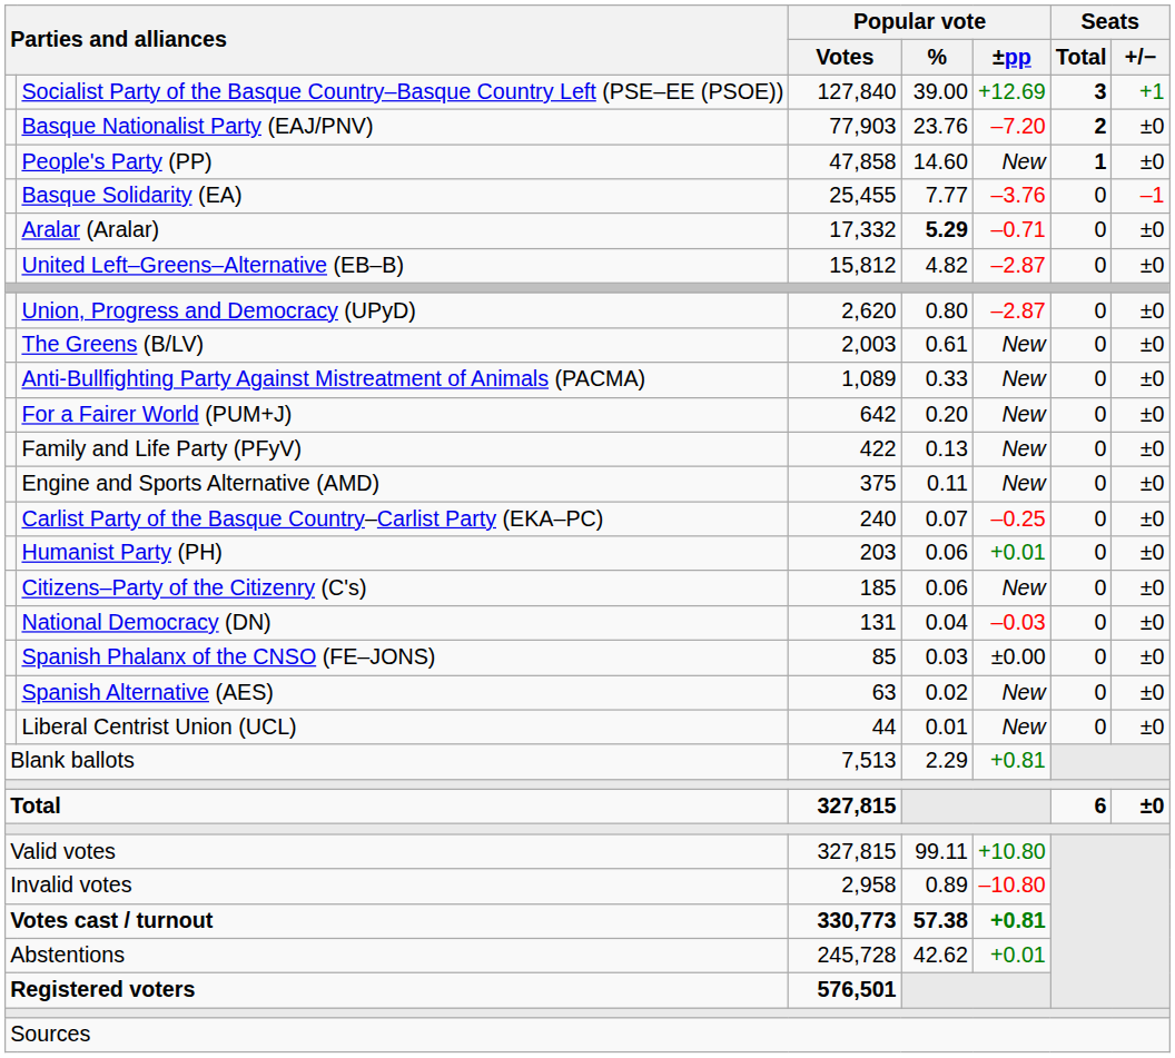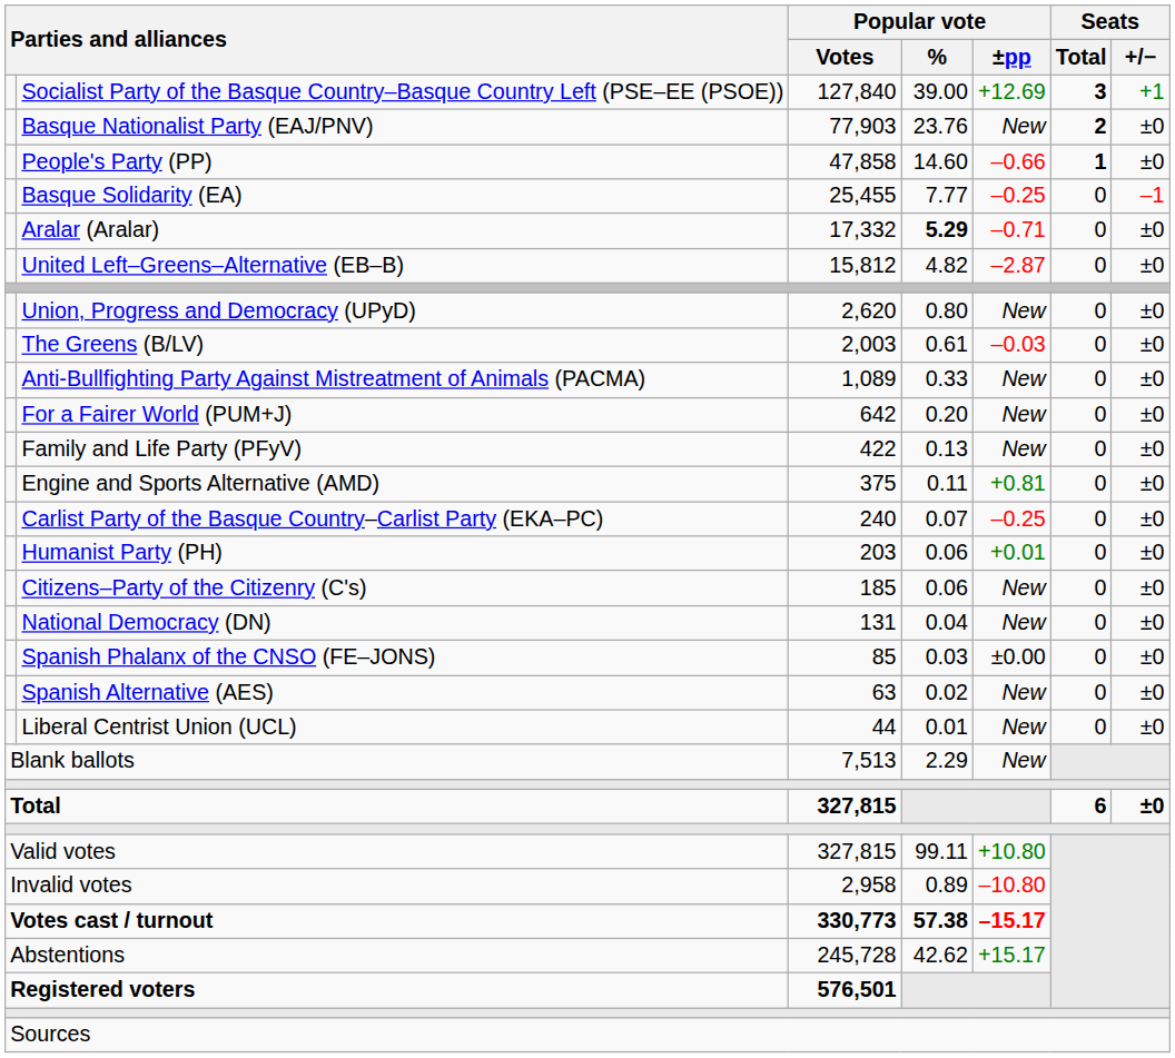 <table class="wikitable" style="text-align:right;">
 <tr>
 <th style="text-align:left;" rowspan="2" colspan="2" width="525">Parties and alliances</th>
 <th colspan="3">Popular vote</th>
 <th colspan="2">Seats</th>
 </tr>
 <tr>
 <th width="75">Votes</th>
 <th width="45">%</th>
 <th width="45">±<a href='#'>pp</a></th>
 <th width="35">Total</th>
 <th width="35">+/−</th>
 </tr>
 <tr>
 <td width="1" style="color:inherit;background:"></td>
 <td align="left"><a href='#'>Socialist Party of the Basque Country–Basque Country Left</a> (PSE–EE (PSOE))</td>
 <td>127,840</td>
 <td>39.00</td>
 <td style="color:green;">+12.69</td>
 <td><strong>3</strong></td>
 <td style="color:green;">+1</td>
 </tr>
 <tr>
 <td style="color:inherit;background:"></td>
 <td align="left"><a href='#'>Basque Nationalist Party</a> (EAJ/PNV)</td>
 <td>77,903</td>
 <td>23.76</td>
-<td style="color:red;">–7.20</td>
+<td><em>New</em></td>
 <td><strong>2</strong></td>
 <td>±0</td>
 </tr>
 <tr>
 <td style="color:inherit;background:"></td>
 <td align="left"><a href='#'>People's Party</a> (PP)</td>
 <td>47,858</td>
 <td>14.60</td>
-<td><em>New</em></td>
+<td style="color:red;">–0.66</td>
 <td><strong>1</strong></td>
 <td>±0</td>
 </tr>
 <tr>
 <td style="color:inherit;background:"></td>
 <td align="left"><a href='#'>Basque Solidarity</a> (EA)</td>
 <td>25,455</td>
 <td>7.77</td>
-<td style="color:red;">–3.76</td>
+<td style="color:red;">–0.25</td>
 <td>0</td>
 <td style="color:red;">–1</td>
 </tr>
 <tr>
 <td style="color:inherit;background:"></td>
 <td align="left"><a href='#'>Aralar</a> (Aralar)</td>
 <td>17,332</td>
 <td><strong>5.29</strong></td>
 <td style="color:red;">–0.71</td>
 <td>0</td>
 <td>±0</td>
 </tr>
 <tr>
 <td style="color:inherit;background:"></td>
 <td align="left"><a href='#'>United Left–Greens–Alternative</a> (EB–B)</td>
 <td>15,812</td>
 <td>4.82</td>
 <td style="color:red;">–2.87</td>
 <td>0</td>
 <td>±0</td>
 </tr>
 <tr>
 <td colspan="7" bgcolor="#C0C0C0"></td>
 </tr>
 <tr>
 <td style="color:inherit;background:"></td>
 <td align="left"><a href='#'>Union, Progress and Democracy</a> (UPyD)</td>
 <td>2,620</td>
 <td>0.80</td>
-<td style="color:red;">–2.87</td>
+<td><em>New</em></td>
 <td>0</td>
 <td>±0</td>
 </tr>
 <tr>
 <td style="color:inherit;background:"></td>
 <td align="left"><a href='#'>The Greens</a> (B/LV)</td>
 <td>2,003</td>
 <td>0.61</td>
-<td><em>New</em></td>
+<td style="color:red;">–0.03</td>
 <td>0</td>
 <td>±0</td>
 </tr>
 <tr>
 <td style="color:inherit;background:"></td>
 <td align="left"><a href='#'>Anti-Bullfighting Party Against Mistreatment of Animals</a> (PACMA)</td>
 <td>1,089</td>
 <td>0.33</td>
 <td><em>New</em></td>
 <td>0</td>
 <td>±0</td>
 </tr>
 <tr>
 <td style="color:inherit;background:"></td>
 <td align="left"><a href='#'>For a Fairer World</a> (PUM+J)</td>
 <td>642</td>
 <td>0.20</td>
 <td><em>New</em></td>
 <td>0</td>
 <td>±0</td>
 </tr>
 <tr>
 <td style="color:inherit;background:"></td>
 <td align="left">Family and Life Party (PFyV)</td>
 <td>422</td>
 <td>0.13</td>
 <td><em>New</em></td>
 <td>0</td>
 <td>±0</td>
 </tr>
 <tr>
 <td style="color:inherit;background:"></td>
 <td align="left">Engine and Sports Alternative (AMD)</td>
 <td>375</td>
 <td>0.11</td>
-<td><em>New</em></td>
+<td style="color:green;">+0.81</td>
 <td>0</td>
 <td>±0</td>
 </tr>
 <tr>
 <td style="color:inherit;background:"></td>
 <td align="left"><a href='#'>Carlist Party of the Basque Country</a>–<a href='#'>Carlist Party</a> (EKA–PC)</td>
 <td>240</td>
 <td>0.07</td>
 <td style="color:red;">–0.25</td>
 <td>0</td>
 <td>±0</td>
 </tr>
 <tr>
 <td style="color:inherit;background:"></td>
 <td align="left"><a href='#'>Humanist Party</a> (PH)</td>
 <td>203</td>
 <td>0.06</td>
 <td style="color:green;">+0.01</td>
 <td>0</td>
 <td>±0</td>
 </tr>
 <tr>
 <td style="color:inherit;background:"></td>
 <td align="left"><a href='#'>Citizens–Party of the Citizenry</a> (C's)</td>
 <td>185</td>
 <td>0.06</td>
 <td><em>New</em></td>
 <td>0</td>
 <td>±0</td>
 </tr>
 <tr>
 <td style="color:inherit;background:"></td>
 <td align="left"><a href='#'>National Democracy</a> (DN)</td>
 <td>131</td>
 <td>0.04</td>
-<td style="color:red;">–0.03</td>
+<td><em>New</em></td>
 <td>0</td>
 <td>±0</td>
 </tr>
 <tr>
 <td style="color:inherit;background:"></td>
 <td align="left"><a href='#'>Spanish Phalanx of the CNSO</a> (FE–JONS)</td>
 <td>85</td>
 <td>0.03</td>
 <td>±0.00</td>
 <td>0</td>
 <td>±0</td>
 </tr>
 <tr>
 <td style="color:inherit;background:"></td>
 <td align="left"><a href='#'>Spanish Alternative</a> (AES)</td>
 <td>63</td>
 <td>0.02</td>
 <td><em>New</em></td>
 <td>0</td>
 <td>±0</td>
 </tr>
 <tr>
 <td style="color:inherit;background:"></td>
 <td align="left">Liberal Centrist Union (UCL)</td>
 <td>44</td>
 <td>0.01</td>
 <td><em>New</em></td>
 <td>0</td>
 <td>±0</td>
 </tr>
 <tr>
 <td align="left" colspan="2">Blank ballots</td>
 <td>7,513</td>
 <td>2.29</td>
-<td style="color:green;">+0.81</td>
+<td><em>New</em></td>
 <td bgcolor="#E9E9E9" colspan="2"></td>
 </tr>
 <tr>
 <td colspan="7" bgcolor="#E9E9E9"></td>
 </tr>
 <tr style="font-weight:bold;">
 <td align="left" colspan="2">Total</td>
 <td>327,815</td>
 <td bgcolor="#E9E9E9" colspan="2"></td>
 <td>6</td>
 <td>±0</td>
 </tr>
 <tr>
 <td colspan="7" bgcolor="#E9E9E9"></td>
 </tr>
 <tr>
 <td align="left" colspan="2">Valid votes</td>
 <td>327,815</td>
 <td>99.11</td>
 <td style="color:green;">+10.80</td>
 <td bgcolor="#E9E9E9" colspan="2" rowspan="5"></td>
 </tr>
 <tr>
 <td align="left" colspan="2">Invalid votes</td>
 <td>2,958</td>
 <td>0.89</td>
 <td style="color:red;">–10.80</td>
 </tr>
 <tr style="font-weight:bold;">
 <td align="left" colspan="2">Votes cast / turnout</td>
 <td>330,773</td>
 <td>57.38</td>
-<td style="color:green;">+0.81</td>
+<td style="color:red;">–15.17</td>
 </tr>
 <tr>
 <td align="left" colspan="2">Abstentions</td>
 <td>245,728</td>
 <td>42.62</td>
-<td style="color:green;">+0.01</td>
+<td style="color:green;">+15.17</td>
 </tr>
 <tr style="font-weight:bold;">
 <td align="left" colspan="2">Registered voters</td>
 <td>576,501</td>
 <td bgcolor="#E9E9E9" colspan="2"></td>
 </tr>
 <tr>
 <td colspan="7" bgcolor="#E9E9E9"></td>
 </tr>
 <tr>
 <td align="left" colspan="7">Sources</td>
 </tr>
 </table>
